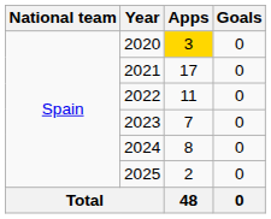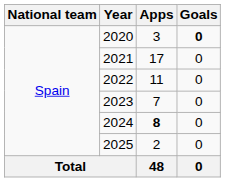 <table class="wikitable" style="text-align:center">
 <tr>
 <th>National team</th>
 <th>Year</th>
 <th>Apps</th>
 <th>Goals</th>
 </tr>
 <tr>
 <td rowspan="6"><a href='#'>Spain</a></td>
 <td>2020</td>
-<td style="background: gold;">3</td>
-<td>0</td>
+<td>3</td>
+<td><strong>0</strong></td>
 </tr>
 <tr>
 <td>2021</td>
 <td>17</td>
 <td>0</td>
 </tr>
 <tr>
 <td>2022</td>
 <td>11</td>
 <td>0</td>
 </tr>
 <tr>
 <td>2023</td>
 <td>7</td>
 <td>0</td>
 </tr>
 <tr>
 <td>2024</td>
-<td>8</td>
+<td><strong>8</strong></td>
 <td>0</td>
 </tr>
 <tr>
 <td>2025</td>
 <td>2</td>
 <td>0</td>
 </tr>
 <tr>
 <th colspan="2">Total</th>
 <th>48</th>
 <th>0</th>
 </tr>
 </table>
